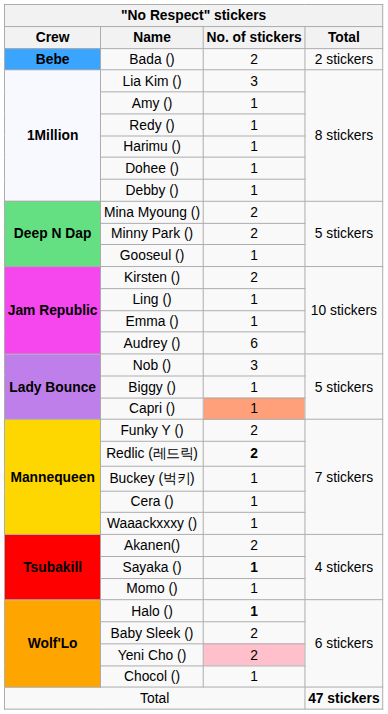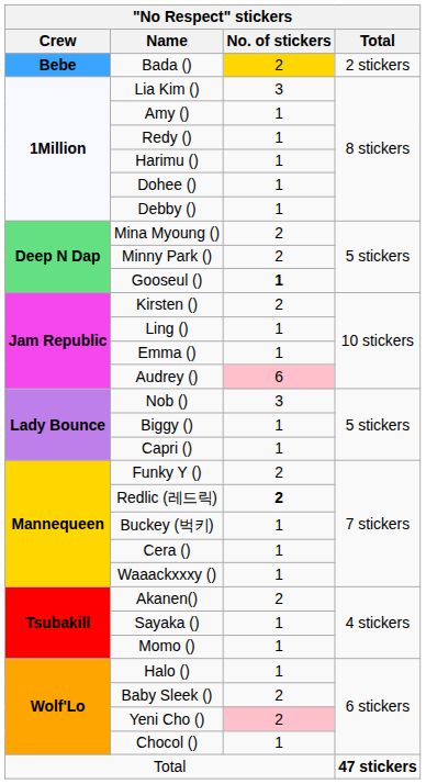 <table class="wikitable sortable mw-collapsible mw-collapsed"  style="text-align:center; font-size:90%">
 <tr>
 <th colspan="6">"No Respect" stickers</th>
 </tr>
 <tr style="background:#f2f2f2;">
 <th scope="col">Crew</th>
 <th scope="col">Name</th>
 <th scope="col">No. of stickers</th>
 <th scope="col">Total</th>
 </tr>
 <tr>
 <td rowspan="1" style="background:#3AA5FF "><strong>Bebe</strong></td>
 <td>Bada ()</td>
-<td>2</td>
+<td style="background: gold;">2</td>
 <td rowspan="1">2 stickers</td>
 </tr>
 <tr>
 <td rowspan="6" style="background:#F8F8FF"><strong>1Million</strong></td>
 <td>Lia Kim ()</td>
 <td>3</td>
 <td rowspan="6">8 stickers</td>
 </tr>
 <tr>
 <td>Amy ()</td>
 <td>1</td>
 </tr>
 <tr>
 <td>Redy ()</td>
 <td>1</td>
 </tr>
 <tr>
 <td>Harimu ()</td>
 <td>1</td>
 </tr>
 <tr>
 <td>Dohee ()</td>
 <td>1</td>
 </tr>
 <tr>
 <td>Debby ()</td>
 <td>1</td>
 </tr>
 <tr>
 <td rowspan="3" style="background:#64E082"><strong>Deep N Dap</strong></td>
 <td>Mina Myoung ()</td>
 <td>2</td>
 <td rowspan="3">5 stickers</td>
 </tr>
 <tr>
 <td>Minny Park ()</td>
 <td>2</td>
 </tr>
 <tr>
 <td>Gooseul ()</td>
-<td>1</td>
+<td><strong>1</strong></td>
 </tr>
 <tr>
 <td rowspan="4" style="background:#F646EE"><strong>Jam Republic</strong></td>
 <td>Kirsten ()</td>
 <td>2</td>
 <td rowspan="4">10 stickers</td>
 </tr>
 <tr>
 <td>Ling ()</td>
 <td>1</td>
 </tr>
 <tr>
 <td>Emma ()</td>
 <td>1</td>
 </tr>
 <tr>
 <td>Audrey ()</td>
-<td>6</td>
+<td style="background: pink;">6</td>
 </tr>
 <tr>
 <td rowspan="3" style="background:#BF7FEB "><strong>Lady Bounce</strong></td>
 <td>Nob  ()</td>
 <td>3</td>
 <td rowspan="3">5 stickers</td>
 </tr>
 <tr>
 <td>Biggy ()</td>
 <td>1</td>
 </tr>
 <tr>
 <td>Capri ()</td>
-<td style="background: lightsalmon;">1</td>
+<td>1</td>
 </tr>
 <tr>
 <td rowspan="5" style="background:gold"><strong>Mannequeen</strong></td>
 <td>Funky Y  ()</td>
 <td>2</td>
 <td rowspan="5">7 stickers</td>
 </tr>
 <tr>
 <td>Redlic (레드릭)</td>
 <td><strong>2</strong></td>
 </tr>
 <tr>
 <td>Buckey (벅키)</td>
 <td>1</td>
 </tr>
 <tr>
 <td>Cera ()</td>
 <td>1</td>
 </tr>
 <tr>
 <td>Waaackxxxy ()</td>
 <td>1</td>
 </tr>
 <tr>
 <td rowspan="3" style="background:red"><strong>Tsubakill</strong></td>
 <td>Akanen()</td>
 <td>2</td>
 <td rowspan="3">4 stickers</td>
 </tr>
 <tr>
 <td>Sayaka ()</td>
-<td><strong>1</strong></td>
+<td>1</td>
 </tr>
 <tr>
 <td>Momo ()</td>
 <td>1</td>
 </tr>
 <tr>
 <td rowspan="4" style="background:orange"><strong>Wolf'Lo</strong></td>
 <td>Halo ()</td>
-<td><strong>1</strong></td>
+<td>1</td>
 <td rowspan="4">6 stickers</td>
 </tr>
 <tr>
 <td>Baby Sleek ()</td>
 <td>2</td>
 </tr>
 <tr>
 <td>Yeni Cho ()</td>
 <td style="background: pink;">2</td>
 </tr>
 <tr>
 <td>Chocol ()</td>
 <td>1</td>
 </tr>
 <tr>
 <td colspan="3">Total</td>
 <td><strong>47 stickers</strong></td>
 </tr>
 </table>
